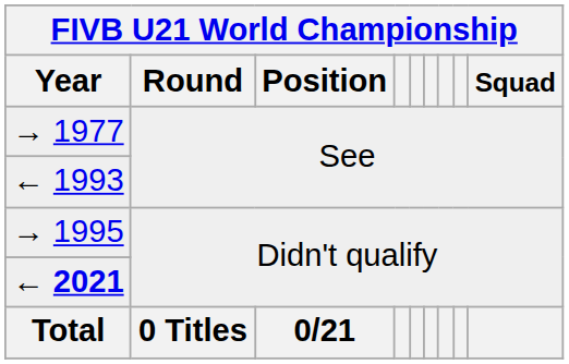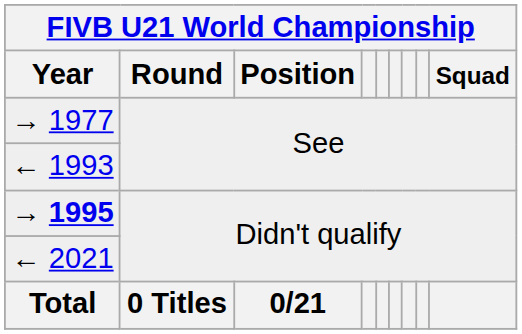 <table class="wikitable" style="text-align: center;">
 <tr>
 <th colspan=9><a href='#'>FIVB U21 World Championship</a></th>
 </tr>
 <tr>
 <th>Year</th>
 <th>Round</th>
 <th>Position</th>
 <th></th>
 <th></th>
 <th></th>
 <th></th>
 <th></th>
 <th><small>Squad</small></th>
 </tr>
 <tr bgcolor="efefef">
 <td> → <a href='#'>1977</a></td>
 <td colspan=9 rowspan=2>See </td>
 </tr>
 <tr bgcolor="efefef">
 <td> ← <a href='#'>1993</a></td>
 </tr>
 <tr bgcolor="efefef">
-<td> → <a href='#'>1995</a></td>
+<td><strong> → <a href='#'>1995</a></strong></td>
 <td colspan=8 rowspan=2>Didn't qualify</td>
 </tr>
 <tr bgcolor="efefef">
-<td><strong>  ← <a href='#'>2021</a></strong></td>
+<td>  ← <a href='#'>2021</a></td>
 </tr>
 <tr>
 <th>Total</th>
 <th>0 Titles</th>
 <th>0/21</th>
 <th></th>
 <th></th>
 <th></th>
 <th></th>
 <th></th>
 <th></th>
 </tr>
 </table>
